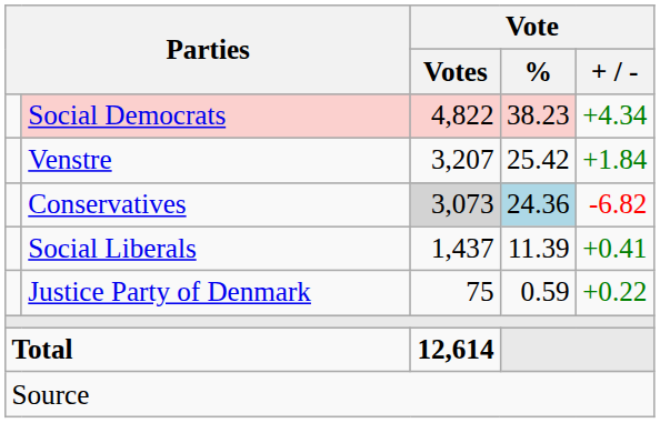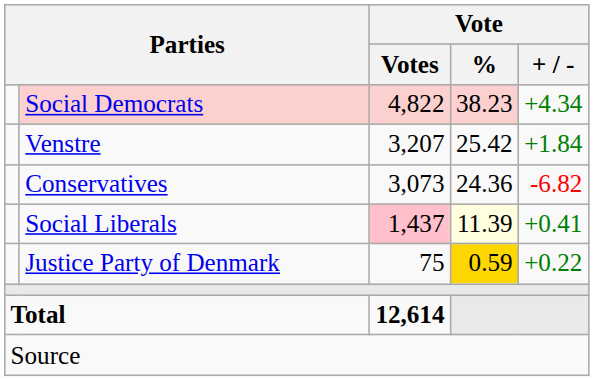 <table class="wikitable" style="text-align:right;">
 <tr>
 <th style="text-align:centre;" rowspan="2" colspan="2" width="225">Parties</th>
 <th colspan="3">Vote</th>
 </tr>
 <tr>
 <th width="15">Votes</th>
 <th width="15">%</th>
 <th width="15">+ / -</th>
 </tr>
 <tr>
 <td width="2" style="color:inherit;background:"></td>
 <td bgcolor=#fbd0ce  align="left"><a href='#'>Social Democrats</a></td>
 <td bgcolor=#fbd0ce>4,822</td>
 <td bgcolor=#fbd0ce>38.23</td>
 <td style=color:green;>+4.34</td>
 </tr>
 <tr>
 <td width="2" style="color:inherit;background:"></td>
 <td align="left"><a href='#'>Venstre</a></td>
 <td>3,207</td>
 <td>25.42</td>
 <td style=color:green;>+1.84</td>
 </tr>
 <tr>
 <td width="2" style="color:inherit;background:"></td>
 <td align="left"><a href='#'>Conservatives</a></td>
-<td style="background: lightgrey;">3,073</td>
-<td style="background: lightblue;">24.36</td>
+<td>3,073</td>
+<td>24.36</td>
 <td style=color:red;>-6.82</td>
 </tr>
 <tr>
 <td width="2" style="color:inherit;background:"></td>
 <td align="left"><a href='#'>Social Liberals</a></td>
-<td>1,437</td>
-<td>11.39</td>
+<td style="background: pink;">1,437</td>
+<td style="background: lightyellow;">11.39</td>
 <td style=color:green;>+0.41</td>
 </tr>
 <tr>
 <td width="2" style="color:inherit;background:"></td>
 <td align="left"><a href='#'>Justice Party of Denmark</a></td>
 <td>75</td>
-<td>0.59</td>
+<td style="background: gold;">0.59</td>
 <td style=color:green;>+0.22</td>
 </tr>
 <tr>
 <td colspan="7" bgcolor="#E9E9E9"></td>
 </tr>
 <tr>
 <td align="left" colspan="2"><strong>Total</strong></td>
 <td><strong>12,614</strong></td>
 <td bgcolor="#E9E9E9" colspan="2"></td>
 </tr>
 <tr>
 <td align="left" colspan="6">Source</td>
 </tr>
 </table>
